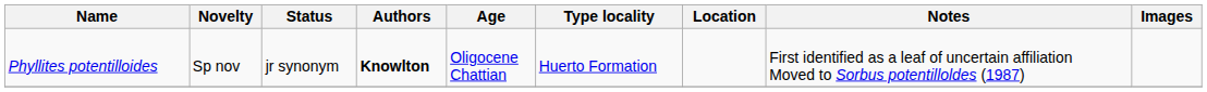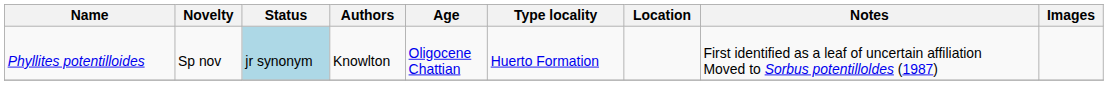 <table class="wikitable sortable" align="center" width="100%">
 <tr>
 <th>Name</th>
 <th>Novelty</th>
 <th>Status</th>
 <th>Authors</th>
 <th>Age</th>
 <th>Type locality</th>
 <th>Location</th>
 <th>Notes</th>
 <th>Images</th>
 </tr>
 <tr>
 <td><br><em><a href='#'>Phyllites potentilloides</a></em></td>
 <td><br>Sp nov</td>
-<td><br>jr synonym</td>
-<td><strong><br>Knowlton</strong></td>
+<td style="background: lightblue;"><br>jr synonym</td>
+<td><br>Knowlton</td>
 <td><br><a href='#'>Oligocene</a><br><a href='#'>Chattian</a></td>
 <td><br><a href='#'>Huerto Formation</a></td>
 <td><br><br></td>
 <td><br>First identified as a leaf of uncertain affiliation<br>Moved to <em><a href='#'>Sorbus potentilloldes</a></em> (<a href='#'>1987</a>)</td>
 <td></td>
 </tr>
 <tr>
 </tr>
 </table>
